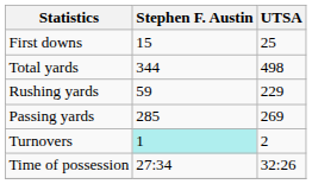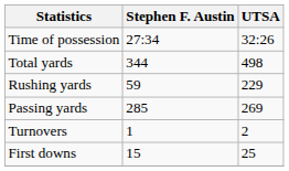 <table class="wikitable">
 <tr>
 <th>Statistics</th>
 <th>Stephen F. Austin</th>
 <th>UTSA</th>
 </tr>
 <tr>
-<td>First downs</td>
-<td>15</td>
-<td>25</td>
+<td>Time of possession</td>
+<td>27:34</td>
+<td>32:26</td>
 </tr>
 <tr>
 <td>Total yards</td>
 <td>344</td>
 <td>498</td>
 </tr>
 <tr>
 <td>Rushing yards</td>
 <td>59</td>
 <td>229</td>
 </tr>
 <tr>
 <td>Passing yards</td>
 <td>285</td>
 <td>269</td>
 </tr>
 <tr>
 <td>Turnovers</td>
-<td style="background: paleturquoise;">1</td>
+<td>1</td>
 <td>2</td>
 </tr>
 <tr>
-<td>Time of possession</td>
-<td>27:34</td>
-<td>32:26</td>
+<td>First downs</td>
+<td>15</td>
+<td>25</td>
 </tr>
 <tr>
 </tr>
 </table>
